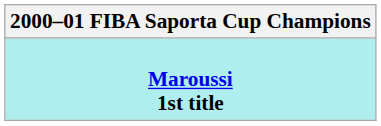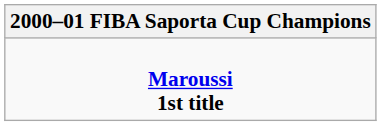 <table class=wikitable style="text-align:center; margin:auto">
 <tr>
 <th>2000–01 FIBA Saporta Cup Champions</th>
 </tr>
 <tr>
-<td style="background: paleturquoise;"><br> <strong><a href='#'>Maroussi</a></strong> <br> <strong>1st title</strong></td>
+<td><br> <strong><a href='#'>Maroussi</a></strong> <br> <strong>1st title</strong></td>
 </tr>
 </table>
